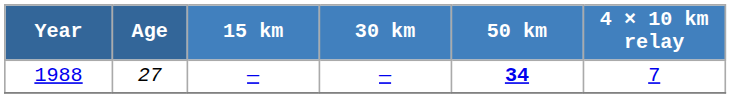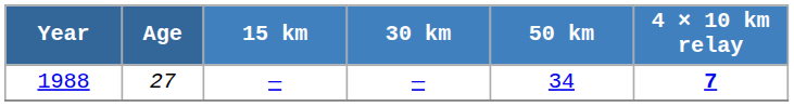 <table class="wikitable" style="font-size:95%; text-align:center; border:grey solid 1px; border-collapse:collapse; background:#ffffff;">
 <tr>
 <th style="background-color:#369; color:white; width:60px;"> Year </th>
 <th style="background-color:#369; color:white; width:40px;"> Age </th>
 <th style="background-color:#4180be; color:white; width:75px;"> 15 km </th>
 <th style="background-color:#4180be; color:white; width:75px;"> 30 km </th>
 <th style="background-color:#4180be; color:white; width:75px;"> 50 km </th>
 <th style="background-color:#4180be; color:white; width:75px;"> 4 × 10 km <br> relay </th>
 </tr>
 <tr>
 <td><a href='#'>1988</a></td>
 <td><em>27</em></td>
 <td><a href='#'>—</a></td>
 <td><a href='#'>—</a></td>
-<td><strong><a href='#'>34</a></strong></td>
-<td><a href='#'>7</a></td>
+<td><a href='#'>34</a></td>
+<td><strong><a href='#'>7</a></strong></td>
 </tr>
 <tr>
 </tr>
 </table>
